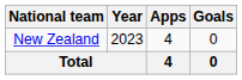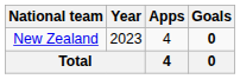 <table class=wikitable style=text-align:center>
 <tr>
 <th>National team</th>
 <th>Year</th>
 <th>Apps</th>
 <th>Goals</th>
 </tr>
 <tr>
 <td rowspan=1><a href='#'>New Zealand</a></td>
 <td>2023</td>
 <td>4</td>
-<td>0</td>
+<td><strong>0</strong></td>
 </tr>
 <tr>
 <th colspan=2>Total</th>
 <th>4</th>
 <th>0</th>
 </tr>
 </table>
